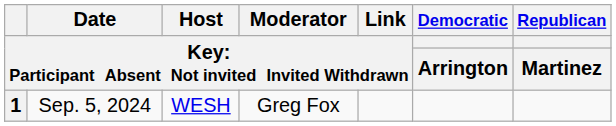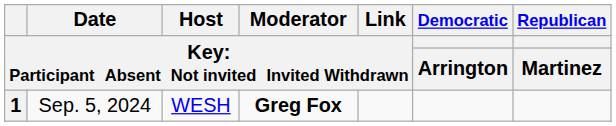 <table class="wikitable" style="text-align:center;">
 <tr>
 <th scope="col"></th>
 <th scope="col">Date</th>
 <th scope="col">Host</th>
 <th scope="col">Moderator</th>
 <th scope="col">Link</th>
 <th scope="col"><small><a href='#'>Democratic</a></small></th>
 <th scope="col"><small><a href='#'>Republican</a></small></th>
 </tr>
 <tr>
 <th colspan="5" rowspan="2">Key:<br> <small>Participant </small>  <small>Absent </small>  <small>Not invited </small>  <small>Invited  Withdrawn</small></th>
 <th scope="col" style="background:"></th>
 <th scope="col" style="background:"></th>
 </tr>
 <tr>
 <th scope="col">Arrington</th>
 <th scope="col">Martinez</th>
 </tr>
 <tr>
 <th>1</th>
 <td style="white-space:nowrap;">Sep. 5, 2024</td>
 <td style="white-space:nowrap;"><a href='#'>WESH</a></td>
-<td style="white-space:nowrap;">Greg Fox</td>
+<td style="white-space:nowrap;"><strong>Greg Fox</strong></td>
 <td style="white-space:nowrap;"></td>
 <td></td>
 <td></td>
 </tr>
 </table>
